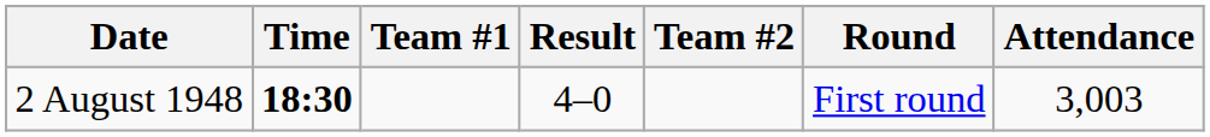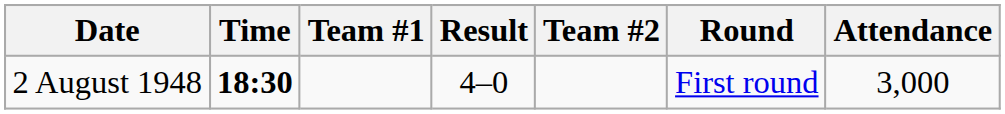 <table class=wikitable style="text-align:center">
 <tr>
 <th>Date</th>
 <th>Time</th>
 <th>Team #1</th>
 <th>Result</th>
 <th>Team #2</th>
 <th>Round</th>
 <th>Attendance</th>
 </tr>
 <tr>
 <td>2 August 1948</td>
 <td><strong>18:30</strong></td>
 <td></td>
 <td>4–0</td>
 <td></td>
 <td><a href='#'>First round</a></td>
-<td>3,003</td>
+<td>3,000</td>
 </tr>
 </table>
